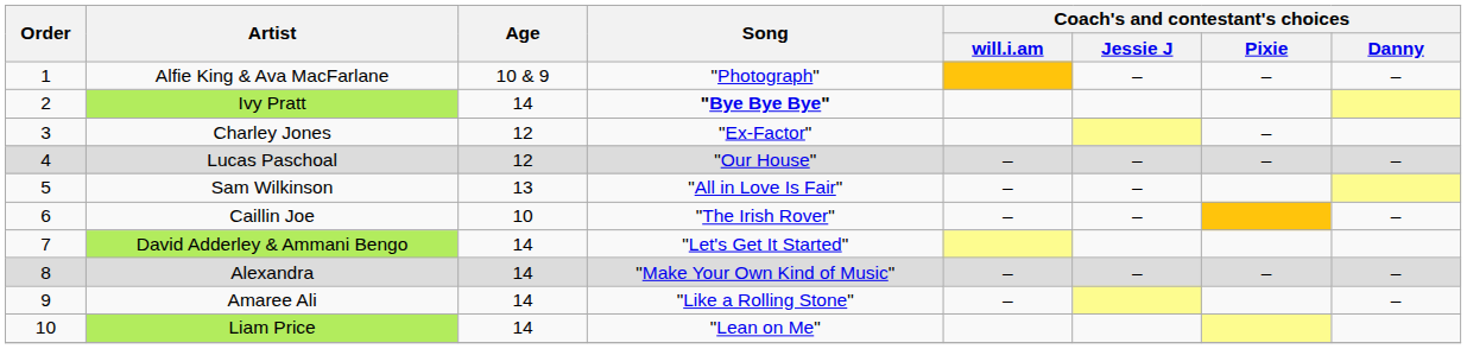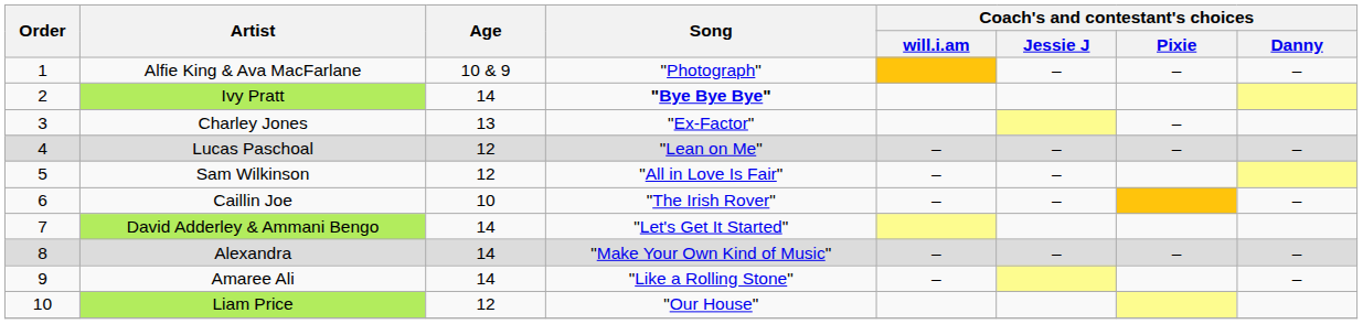 <table class="wikitable" style="text-align:center; line-height:17px; font-size:100%; width:100%;">
 <tr>
 <th width="5%" rowspan="2" scope="col">Order</th>
 <th scope="col" rowspan="2" width="23%">Artist</th>
 <th width="8%" rowspan="2" scope="col">Age</th>
 <th scope="col" rowspan="2" width="22%">Song</th>
 <th scope="col" colspan="4" width="24%">Coach's and contestant's choices</th>
 </tr>
 <tr>
 <th width="8%"><a href='#'>will.i.am</a></th>
 <th width="8%"><a href='#'>Jessie J</a></th>
 <th width="8%"><a href='#'>Pixie</a></th>
 <th width="8%"><a href='#'>Danny</a></th>
 </tr>
 <tr>
 <td scope="row">1</td>
 <td>Alfie King & Ava MacFarlane</td>
 <td>10 & 9</td>
 <td>"<a href='#'>Photograph</a>"</td>
 <td style="background:#FFC40C;"><strong></strong></td>
 <td>–</td>
 <td>–</td>
 <td>–</td>
 </tr>
 <tr>
 <td scope="row">2</td>
 <td style="background-color:#B2EC5D;">Ivy Pratt</td>
 <td>14</td>
 <td><strong>"<a href='#'>Bye Bye Bye</a>"</strong></td>
 <td><strong></strong></td>
 <td><strong></strong></td>
 <td><strong></strong></td>
 <td style="background:#fdfc8f;"><strong></strong></td>
 </tr>
 <tr>
 <td scope="row">3</td>
 <td>Charley Jones</td>
-<td>12</td>
+<td>13</td>
 <td>"<a href='#'>Ex-Factor</a>"</td>
 <td><strong></strong></td>
 <td style="background:#fdfc8f;"><strong></strong></td>
 <td>–</td>
 <td><strong></strong></td>
 </tr>
 <tr bgcolor="#dcdcdc">
 <td scope="row">4</td>
 <td>Lucas Paschoal</td>
 <td>12</td>
-<td>"<a href='#'>Our House</a>"</td>
+<td>"<a href='#'>Lean on Me</a>"</td>
 <td>–</td>
 <td>–</td>
 <td>–</td>
 <td>–</td>
 </tr>
 <tr>
 <td scope="row">5</td>
 <td>Sam Wilkinson</td>
-<td>13</td>
+<td>12</td>
 <td>"<a href='#'>All in Love Is Fair</a>"</td>
 <td>–</td>
 <td>–</td>
 <td><strong></strong></td>
 <td style="background:#fdfc8f;"><strong></strong></td>
 </tr>
 <tr>
 <td scope="row">6</td>
 <td>Caillin Joe</td>
 <td>10</td>
 <td>"<a href='#'>The Irish Rover</a>"</td>
 <td>–</td>
 <td>–</td>
 <td style="background:#FFC40C;"><strong></strong></td>
 <td>–</td>
 </tr>
 <tr>
 <td scope="row">7</td>
 <td style="background-color:#B2EC5D;">David Adderley & Ammani Bengo</td>
 <td>14</td>
 <td>"<a href='#'>Let's Get It Started</a>"</td>
 <td style="background:#fdfc8f;"><strong></strong></td>
 <td><strong></strong></td>
 <td><strong></strong></td>
 <td><strong></strong></td>
 </tr>
 <tr bgcolor="#dcdcdc">
 <td scope="row">8</td>
 <td>Alexandra</td>
 <td>14</td>
 <td>"<a href='#'>Make Your Own Kind of Music</a>"</td>
 <td>–</td>
 <td>–</td>
 <td>–</td>
 <td>–</td>
 </tr>
 <tr>
 <td scope="row">9</td>
 <td>Amaree Ali</td>
 <td>14</td>
 <td>"<a href='#'>Like a Rolling Stone</a>"</td>
 <td>–</td>
 <td style="background:#fdfc8f;"><strong></strong></td>
 <td><strong></strong></td>
 <td>–</td>
 </tr>
 <tr>
 <td scope="row">10</td>
 <td style="background-color:#B2EC5D;">Liam Price</td>
-<td>14</td>
-<td>"<a href='#'>Lean on Me</a>"</td>
+<td>12</td>
+<td>"<a href='#'>Our House</a>"</td>
 <td><strong></strong></td>
 <td><strong></strong></td>
 <td style="background:#fdfc8f;"><strong></strong></td>
 <td><strong></strong></td>
 </tr>
 <tr>
 </tr>
 </table>
